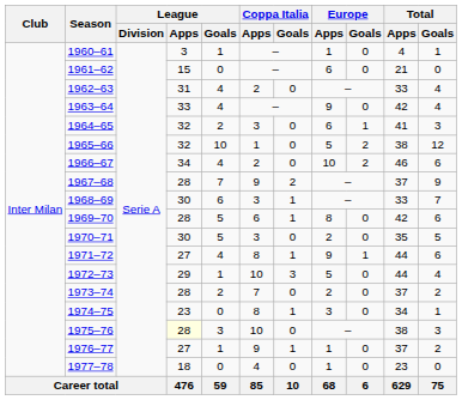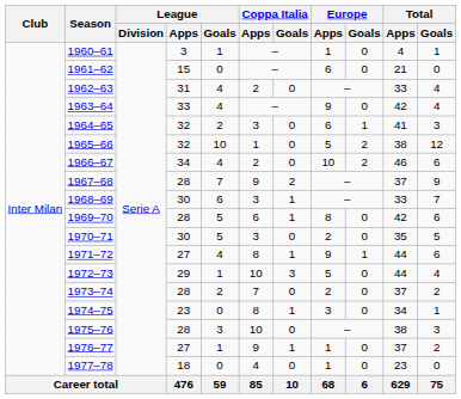 <table class="wikitable" style="text-align:center">
 <tr>
 <th rowspan="2">Club</th>
 <th rowspan="2">Season</th>
 <th colspan="3">League</th>
 <th colspan="2"><a href='#'>Coppa Italia</a></th>
 <th colspan="2"><a href='#'>Europe</a></th>
 <th colspan="2">Total</th>
 </tr>
 <tr>
 <th>Division</th>
 <th>Apps</th>
 <th>Goals</th>
 <th>Apps</th>
 <th>Goals</th>
 <th>Apps</th>
 <th>Goals</th>
 <th>Apps</th>
 <th>Goals</th>
 </tr>
 <tr>
 <td rowspan="18"><a href='#'>Inter Milan</a></td>
 <td><a href='#'>1960–61</a></td>
 <td rowspan="18"><a href='#'>Serie A</a></td>
 <td>3</td>
 <td>1</td>
 <td colspan="2">–</td>
 <td>1</td>
 <td>0</td>
 <td>4</td>
 <td>1</td>
 </tr>
 <tr>
 <td><a href='#'>1961–62</a></td>
 <td>15</td>
 <td>0</td>
 <td colspan="2">–</td>
 <td>6</td>
 <td>0</td>
 <td>21</td>
 <td>0</td>
 </tr>
 <tr>
 <td><a href='#'>1962–63</a></td>
 <td>31</td>
 <td>4</td>
 <td>2</td>
 <td>0</td>
 <td colspan="2">–</td>
 <td>33</td>
 <td>4</td>
 </tr>
 <tr>
 <td><a href='#'>1963–64</a></td>
 <td>33</td>
 <td>4</td>
 <td colspan="2">–</td>
 <td>9</td>
 <td>0</td>
 <td>42</td>
 <td>4</td>
 </tr>
 <tr>
 <td><a href='#'>1964–65</a></td>
 <td>32</td>
 <td>2</td>
 <td>3</td>
 <td>0</td>
 <td>6</td>
 <td>1</td>
 <td>41</td>
 <td>3</td>
 </tr>
 <tr>
 <td><a href='#'>1965–66</a></td>
 <td>32</td>
 <td>10</td>
 <td>1</td>
 <td>0</td>
 <td>5</td>
 <td>2</td>
 <td>38</td>
 <td>12</td>
 </tr>
 <tr>
 <td><a href='#'>1966–67</a></td>
 <td>34</td>
 <td>4</td>
 <td>2</td>
 <td>0</td>
 <td>10</td>
 <td>2</td>
 <td>46</td>
 <td>6</td>
 </tr>
 <tr>
 <td><a href='#'>1967–68</a></td>
 <td>28</td>
 <td>7</td>
 <td>9</td>
 <td>2</td>
 <td colspan="2">–</td>
 <td>37</td>
 <td>9</td>
 </tr>
 <tr>
 <td><a href='#'>1968–69</a></td>
 <td>30</td>
 <td>6</td>
 <td>3</td>
 <td>1</td>
 <td colspan="2">–</td>
 <td>33</td>
 <td>7</td>
 </tr>
 <tr>
 <td><a href='#'>1969–70</a></td>
 <td>28</td>
 <td>5</td>
 <td>6</td>
 <td>1</td>
 <td>8</td>
 <td>0</td>
 <td>42</td>
 <td>6</td>
 </tr>
 <tr>
 <td><a href='#'>1970–71</a></td>
 <td>30</td>
 <td>5</td>
 <td>3</td>
 <td>0</td>
 <td>2</td>
 <td>0</td>
 <td>35</td>
 <td>5</td>
 </tr>
 <tr>
 <td><a href='#'>1971–72</a></td>
 <td>27</td>
 <td>4</td>
 <td>8</td>
 <td>1</td>
 <td>9</td>
 <td>1</td>
 <td>44</td>
 <td>6</td>
 </tr>
 <tr>
 <td><a href='#'>1972–73</a></td>
 <td>29</td>
 <td>1</td>
 <td>10</td>
 <td>3</td>
 <td>5</td>
 <td>0</td>
 <td>44</td>
 <td>4</td>
 </tr>
 <tr>
 <td><a href='#'>1973–74</a></td>
 <td>28</td>
 <td>2</td>
 <td>7</td>
 <td>0</td>
 <td>2</td>
 <td>0</td>
 <td>37</td>
 <td>2</td>
 </tr>
 <tr>
 <td><a href='#'>1974–75</a></td>
 <td>23</td>
 <td>0</td>
 <td>8</td>
 <td>1</td>
 <td>3</td>
 <td>0</td>
 <td>34</td>
 <td>1</td>
 </tr>
 <tr>
 <td><a href='#'>1975–76</a></td>
-<td style="background: lightyellow;">28</td>
+<td>28</td>
 <td>3</td>
 <td>10</td>
 <td>0</td>
 <td colspan="2">–</td>
 <td>38</td>
 <td>3</td>
 </tr>
 <tr>
 <td><a href='#'>1976–77</a></td>
 <td>27</td>
 <td>1</td>
 <td>9</td>
 <td>1</td>
 <td>1</td>
 <td>0</td>
 <td>37</td>
 <td>2</td>
 </tr>
 <tr>
 <td><a href='#'>1977–78</a></td>
 <td>18</td>
 <td>0</td>
 <td>4</td>
 <td>0</td>
 <td>1</td>
 <td>0</td>
 <td>23</td>
 <td>0</td>
 </tr>
 <tr>
 <th colspan="3">Career total</th>
 <th>476</th>
 <th>59</th>
 <th>85</th>
 <th>10</th>
 <th>68</th>
 <th>6</th>
 <th>629</th>
 <th>75</th>
 </tr>
 </table>
